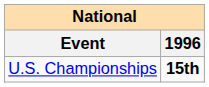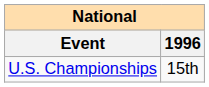 <table class="wikitable" style="text-align:center">
 <tr>
 <th style="background-color: #ffdead; " colspan=2 align=center>National</th>
 </tr>
 <tr>
 <th>Event</th>
 <th>1996</th>
 </tr>
 <tr>
 <td align=left><a href='#'>U.S. Championships</a></td>
-<td><strong>15th</strong></td>
+<td>15th</td>
 </tr>
 </table>
